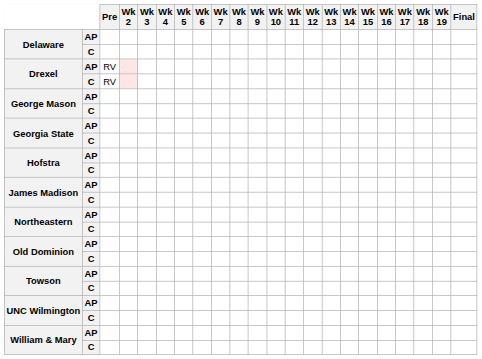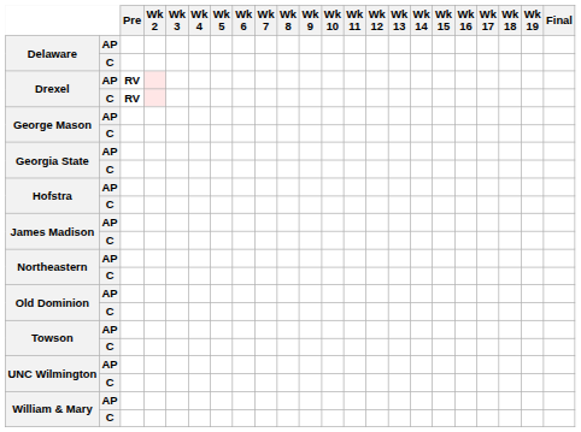 <table class="wikitable" style="white-space:nowrap;font-size:90%;">
 <tr>
 <th colspan=2 style="background:white; border-top-style:hidden; border-left-style:hidden;"> </th>
 <th>Pre</th>
 <th>Wk<br>2</th>
 <th>Wk<br>3</th>
 <th>Wk<br>4</th>
 <th>Wk<br>5</th>
 <th>Wk<br>6</th>
 <th>Wk<br>7</th>
 <th>Wk<br>8</th>
 <th>Wk<br>9</th>
 <th>Wk<br>10</th>
 <th>Wk<br>11</th>
 <th>Wk<br>12</th>
 <th>Wk<br>13</th>
 <th>Wk<br>14</th>
 <th>Wk<br>15</th>
 <th>Wk<br>16</th>
 <th>Wk<br>17</th>
 <th>Wk<br>18</th>
 <th>Wk<br>19</th>
 <th>Final</th>
 </tr>
 <tr style="text-align:center;">
 <th rowspan=2 style=>Delaware</th>
 <th>AP</th>
 <td style="background:#FFF;"></td>
 <td style="background:#FFF;"></td>
 <td style="background:#FFF;"></td>
 <td style="background:#FFF;"></td>
 <td style="background:#FFF;"></td>
 <td style="background:#FFF;"></td>
 <td style="background:#FFF;"></td>
 <td style="background:#FFF;"></td>
 <td style="background:#FFF;"></td>
 <td style="background:#FFF;"></td>
 <td style="background:#FFF;"></td>
 <td style="background:#FFF;"></td>
 <td style="background:#FFF;"></td>
 <td style="background:#FFF;"></td>
 <td style="background:#FFF;"></td>
 <td style="background:#FFF;"></td>
 <td style="background:#FFF;"></td>
 <td style="background:#FFF;"></td>
 <td style="background:#FFF;"></td>
 <td style="background:#FFF;"></td>
 </tr>
 <tr style="text-align:center;">
 <th>C</th>
 <td style="background:#FFF;"></td>
 <td style="background:#FFF;"></td>
 <td style="background:#FFF;"></td>
 <td style="background:#FFF;"></td>
 <td style="background:#FFF;"></td>
 <td style="background:#FFF;"></td>
 <td style="background:#FFF;"></td>
 <td style="background:#FFF;"></td>
 <td style="background:#FFF;"></td>
 <td style="background:#FFF;"></td>
 <td style="background:#FFF;"></td>
 <td style="background:#FFF;"></td>
 <td style="background:#FFF;"></td>
 <td style="background:#FFF;"></td>
 <td style="background:#FFF;"></td>
 <td style="background:#FFF;"></td>
 <td style="background:#FFF;"></td>
 <td style="background:#FFF;"></td>
 <td style="background:#FFF;"></td>
 <td style="background:#FFF;"></td>
 </tr>
 <tr style="text-align:center;">
 <th rowspan=2 style=>Drexel</th>
 <th>AP</th>
-<td style="background:#FFF;">RV</td>
+<td style="background:#FFF;"><strong>RV</strong></td>
 <td style="background:#FFE6E6;"></td>
 <td style="background:#FFF;"></td>
 <td style="background:#FFF;"></td>
 <td style="background:#FFF;"></td>
 <td style="background:#FFF;"></td>
 <td style="background:#FFF;"></td>
 <td style="background:#FFF;"></td>
 <td style="background:#FFF;"></td>
 <td style="background:#FFF;"></td>
 <td style="background:#FFF;"></td>
 <td style="background:#FFF;"></td>
 <td style="background:#FFF;"></td>
 <td style="background:#FFF;"></td>
 <td style="background:#FFF;"></td>
 <td style="background:#FFF;"></td>
 <td style="background:#FFF;"></td>
 <td style="background:#FFF;"></td>
 <td style="background:#FFF;"></td>
 <td style="background:#FFF;"></td>
 </tr>
 <tr style="text-align:center;">
 <th>C</th>
-<td style="background:#FFF;">RV</td>
+<td style="background:#FFF;"><strong>RV</strong></td>
 <td style="background:#FFE6E6;"></td>
 <td style="background:#FFF;"></td>
 <td style="background:#FFF;"></td>
 <td style="background:#FFF;"></td>
 <td style="background:#FFF;"></td>
 <td style="background:#FFF;"></td>
 <td style="background:#FFF;"></td>
 <td style="background:#FFF;"></td>
 <td style="background:#FFF;"></td>
 <td style="background:#FFF;"></td>
 <td style="background:#FFF;"></td>
 <td style="background:#FFF;"></td>
 <td style="background:#FFF;"></td>
 <td style="background:#FFF;"></td>
 <td style="background:#FFF;"></td>
 <td style="background:#FFF;"></td>
 <td style="background:#FFF;"></td>
 <td style="background:#FFF;"></td>
 <td style="background:#FFF;"></td>
 </tr>
 <tr style="text-align:center;">
 <th rowspan=2 style=>George Mason</th>
 <th>AP</th>
 <td style="background:#FFF;"></td>
 <td style="background:#FFF;"></td>
 <td style="background:#FFF;"></td>
 <td style="background:#FFF;"></td>
 <td style="background:#FFF;"></td>
 <td style="background:#FFF;"></td>
 <td style="background:#FFF;"></td>
 <td style="background:#FFF;"></td>
 <td style="background:#FFF;"></td>
 <td style="background:#FFF;"></td>
 <td style="background:#FFF;"></td>
 <td style="background:#FFF;"></td>
 <td style="background:#FFF;"></td>
 <td style="background:#FFF;"></td>
 <td style="background:#FFF;"></td>
 <td style="background:#FFF;"></td>
 <td style="background:#FFF;"></td>
 <td style="background:#FFF;"></td>
 <td style="background:#FFF;"></td>
 <td style="background:#FFF;"></td>
 </tr>
 <tr style="text-align:center;">
 <th>C</th>
 <td style="background:#FFF;"></td>
 <td style="background:#FFF;"></td>
 <td style="background:#FFF;"></td>
 <td style="background:#FFF;"></td>
 <td style="background:#FFF;"></td>
 <td style="background:#FFF;"></td>
 <td style="background:#FFF;"></td>
 <td style="background:#FFF;"></td>
 <td style="background:#FFF;"></td>
 <td style="background:#FFF;"></td>
 <td style="background:#FFF;"></td>
 <td style="background:#FFF;"></td>
 <td style="background:#FFF;"></td>
 <td style="background:#FFF;"></td>
 <td style="background:#FFF;"></td>
 <td style="background:#FFF;"></td>
 <td style="background:#FFF;"></td>
 <td style="background:#FFF;"></td>
 <td style="background:#FFF;"></td>
 <td style="background:#FFF;"></td>
 </tr>
 <tr style="text-align:center;">
 <th rowspan=2 style=>Georgia State</th>
 <th>AP</th>
 <td style="background:#FFF;"></td>
 <td style="background:#FFF;"></td>
 <td style="background:#FFF;"></td>
 <td style="background:#FFF;"></td>
 <td style="background:#FFF;"></td>
 <td style="background:#FFF;"></td>
 <td style="background:#FFF;"></td>
 <td style="background:#FFF;"></td>
 <td style="background:#FFF;"></td>
 <td style="background:#FFF;"></td>
 <td style="background:#FFF;"></td>
 <td style="background:#FFF;"></td>
 <td style="background:#FFF;"></td>
 <td style="background:#FFF;"></td>
 <td style="background:#FFF;"></td>
 <td style="background:#FFF;"></td>
 <td style="background:#FFF;"></td>
 <td style="background:#FFF;"></td>
 <td style="background:#FFF;"></td>
 <td style="background:#FFF;"></td>
 </tr>
 <tr style="text-align:center;">
 <th>C</th>
 <td style="background:#FFF;"></td>
 <td style="background:#FFF;"></td>
 <td style="background:#FFF;"></td>
 <td style="background:#FFF;"></td>
 <td style="background:#FFF;"></td>
 <td style="background:#FFF;"></td>
 <td style="background:#FFF;"></td>
 <td style="background:#FFF;"></td>
 <td style="background:#FFF;"></td>
 <td style="background:#FFF;"></td>
 <td style="background:#FFF;"></td>
 <td style="background:#FFF;"></td>
 <td style="background:#FFF;"></td>
 <td style="background:#FFF;"></td>
 <td style="background:#FFF;"></td>
 <td style="background:#FFF;"></td>
 <td style="background:#FFF;"></td>
 <td style="background:#FFF;"></td>
 <td style="background:#FFF;"></td>
 <td style="background:#FFF;"></td>
 </tr>
 <tr style="text-align:center;">
 <th rowspan=2 style=>Hofstra</th>
 <th>AP</th>
 <td style="background:#FFF;"></td>
 <td style="background:#FFF;"></td>
 <td style="background:#FFF;"></td>
 <td style="background:#FFF;"></td>
 <td style="background:#FFF;"></td>
 <td style="background:#FFF;"></td>
 <td style="background:#FFF;"></td>
 <td style="background:#FFF;"></td>
 <td style="background:#FFF;"></td>
 <td style="background:#FFF;"></td>
 <td style="background:#FFF;"></td>
 <td style="background:#FFF;"></td>
 <td style="background:#FFF;"></td>
 <td style="background:#FFF;"></td>
 <td style="background:#FFF;"></td>
 <td style="background:#FFF;"></td>
 <td style="background:#FFF;"></td>
 <td style="background:#FFF;"></td>
 <td style="background:#FFF;"></td>
 <td style="background:#FFF;"></td>
 </tr>
 <tr style="text-align:center;">
 <th>C</th>
 <td style="background:#FFF;"></td>
 <td style="background:#FFF;"></td>
 <td style="background:#FFF;"></td>
 <td style="background:#FFF;"></td>
 <td style="background:#FFF;"></td>
 <td style="background:#FFF;"></td>
 <td style="background:#FFF;"></td>
 <td style="background:#FFF;"></td>
 <td style="background:#FFF;"></td>
 <td style="background:#FFF;"></td>
 <td style="background:#FFF;"></td>
 <td style="background:#FFF;"></td>
 <td style="background:#FFF;"></td>
 <td style="background:#FFF;"></td>
 <td style="background:#FFF;"></td>
 <td style="background:#FFF;"></td>
 <td style="background:#FFF;"></td>
 <td style="background:#FFF;"></td>
 <td style="background:#FFF;"></td>
 <td style="background:#FFF;"></td>
 </tr>
 <tr style="text-align:center;">
 <th rowspan=2 style=>James Madison</th>
 <th>AP</th>
 <td style="background:#FFF;"></td>
 <td style="background:#FFF;"></td>
 <td style="background:#FFF;"></td>
 <td style="background:#FFF;"></td>
 <td style="background:#FFF;"></td>
 <td style="background:#FFF;"></td>
 <td style="background:#FFF;"></td>
 <td style="background:#FFF;"></td>
 <td style="background:#FFF;"></td>
 <td style="background:#FFF;"></td>
 <td style="background:#FFF;"></td>
 <td style="background:#FFF;"></td>
 <td style="background:#FFF;"></td>
 <td style="background:#FFF;"></td>
 <td style="background:#FFF;"></td>
 <td style="background:#FFF;"></td>
 <td style="background:#FFF;"></td>
 <td style="background:#FFF;"></td>
 <td style="background:#FFF;"></td>
 <td style="background:#FFF;"></td>
 </tr>
 <tr style="text-align:center;">
 <th>C</th>
 <td style="background:#FFF;"></td>
 <td style="background:#FFF;"></td>
 <td style="background:#FFF;"></td>
 <td style="background:#FFF;"></td>
 <td style="background:#FFF;"></td>
 <td style="background:#FFF;"></td>
 <td style="background:#FFF;"></td>
 <td style="background:#FFF;"></td>
 <td style="background:#FFF;"></td>
 <td style="background:#FFF;"></td>
 <td style="background:#FFF;"></td>
 <td style="background:#FFF;"></td>
 <td style="background:#FFF;"></td>
 <td style="background:#FFF;"></td>
 <td style="background:#FFF;"></td>
 <td style="background:#FFF;"></td>
 <td style="background:#FFF;"></td>
 <td style="background:#FFF;"></td>
 <td style="background:#FFF;"></td>
 <td style="background:#FFF;"></td>
 </tr>
 <tr style="text-align:center;">
 <th rowspan=2 style=>Northeastern</th>
 <th>AP</th>
 <td style="background:#FFF;"></td>
 <td style="background:#FFF;"></td>
 <td style="background:#FFF;"></td>
 <td style="background:#FFF;"></td>
 <td style="background:#FFF;"></td>
 <td style="background:#FFF;"></td>
 <td style="background:#FFF;"></td>
 <td style="background:#FFF;"></td>
 <td style="background:#FFF;"></td>
 <td style="background:#FFF;"></td>
 <td style="background:#FFF;"></td>
 <td style="background:#FFF;"></td>
 <td style="background:#FFF;"></td>
 <td style="background:#FFF;"></td>
 <td style="background:#FFF;"></td>
 <td style="background:#FFF;"></td>
 <td style="background:#FFF;"></td>
 <td style="background:#FFF;"></td>
 <td style="background:#FFF;"></td>
 <td style="background:#FFF;"></td>
 </tr>
 <tr style="text-align:center;">
 <th>C</th>
 <td style="background:#FFF;"></td>
 <td style="background:#FFF;"></td>
 <td style="background:#FFF;"></td>
 <td style="background:#FFF;"></td>
 <td style="background:#FFF;"></td>
 <td style="background:#FFF;"></td>
 <td style="background:#FFF;"></td>
 <td style="background:#FFF;"></td>
 <td style="background:#FFF;"></td>
 <td style="background:#FFF;"></td>
 <td style="background:#FFF;"></td>
 <td style="background:#FFF;"></td>
 <td style="background:#FFF;"></td>
 <td style="background:#FFF;"></td>
 <td style="background:#FFF;"></td>
 <td style="background:#FFF;"></td>
 <td style="background:#FFF;"></td>
 <td style="background:#FFF;"></td>
 <td style="background:#FFF;"></td>
 <td style="background:#FFF;"></td>
 </tr>
 <tr style="text-align:center;">
 <th rowspan=2 style=>Old Dominion</th>
 <th>AP</th>
 <td style="background:#FFF;"></td>
 <td style="background:#FFF;"></td>
 <td style="background:#FFF;"></td>
 <td style="background:#FFF;"></td>
 <td style="background:#FFF;"></td>
 <td style="background:#FFF;"></td>
 <td style="background:#FFF;"></td>
 <td style="background:#FFF;"></td>
 <td style="background:#FFF;"></td>
 <td style="background:#FFF;"></td>
 <td style="background:#FFF;"></td>
 <td style="background:#FFF;"></td>
 <td style="background:#FFF;"></td>
 <td style="background:#FFF;"></td>
 <td style="background:#FFF;"></td>
 <td style="background:#FFF;"></td>
 <td style="background:#FFF;"></td>
 <td style="background:#FFF;"></td>
 <td style="background:#FFF;"></td>
 <td style="background:#FFF;"></td>
 </tr>
 <tr style="text-align:center;">
 <th>C</th>
 <td style="background:#FFF;"></td>
 <td style="background:#FFF;"></td>
 <td style="background:#FFF;"></td>
 <td style="background:#FFF;"></td>
 <td style="background:#FFF;"></td>
 <td style="background:#FFF;"></td>
 <td style="background:#FFF;"></td>
 <td style="background:#FFF;"></td>
 <td style="background:#FFF;"></td>
 <td style="background:#FFF;"></td>
 <td style="background:#FFF;"></td>
 <td style="background:#FFF;"></td>
 <td style="background:#FFF;"></td>
 <td style="background:#FFF;"></td>
 <td style="background:#FFF;"></td>
 <td style="background:#FFF;"></td>
 <td style="background:#FFF;"></td>
 <td style="background:#FFF;"></td>
 <td style="background:#FFF;"></td>
 <td style="background:#FFF;"></td>
 </tr>
 <tr style="text-align:center;">
 <th rowspan=2 style=>Towson</th>
 <th>AP</th>
 <td style="background:#FFF;"></td>
 <td style="background:#FFF;"></td>
 <td style="background:#FFF;"></td>
 <td style="background:#FFF;"></td>
 <td style="background:#FFF;"></td>
 <td style="background:#FFF;"></td>
 <td style="background:#FFF;"></td>
 <td style="background:#FFF;"></td>
 <td style="background:#FFF;"></td>
 <td style="background:#FFF;"></td>
 <td style="background:#FFF;"></td>
 <td style="background:#FFF;"></td>
 <td style="background:#FFF;"></td>
 <td style="background:#FFF;"></td>
 <td style="background:#FFF;"></td>
 <td style="background:#FFF;"></td>
 <td style="background:#FFF;"></td>
 <td style="background:#FFF;"></td>
 <td style="background:#FFF;"></td>
 <td style="background:#FFF;"></td>
 </tr>
 <tr style="text-align:center;">
 <th>C</th>
 <td style="background:#FFF;"></td>
 <td style="background:#FFF;"></td>
 <td style="background:#FFF;"></td>
 <td style="background:#FFF;"></td>
 <td style="background:#FFF;"></td>
 <td style="background:#FFF;"></td>
 <td style="background:#FFF;"></td>
 <td style="background:#FFF;"></td>
 <td style="background:#FFF;"></td>
 <td style="background:#FFF;"></td>
 <td style="background:#FFF;"></td>
 <td style="background:#FFF;"></td>
 <td style="background:#FFF;"></td>
 <td style="background:#FFF;"></td>
 <td style="background:#FFF;"></td>
 <td style="background:#FFF;"></td>
 <td style="background:#FFF;"></td>
 <td style="background:#FFF;"></td>
 <td style="background:#FFF;"></td>
 <td style="background:#FFF;"></td>
 </tr>
 <tr style="text-align:center;">
 <th rowspan=2 style=>UNC Wilmington</th>
 <th>AP</th>
 <td style="background:#FFF;"></td>
 <td style="background:#FFF;"></td>
 <td style="background:#FFF;"></td>
 <td style="background:#FFF;"></td>
 <td style="background:#FFF;"></td>
 <td style="background:#FFF;"></td>
 <td style="background:#FFF;"></td>
 <td style="background:#FFF;"></td>
 <td style="background:#FFF;"></td>
 <td style="background:#FFF;"></td>
 <td style="background:#FFF;"></td>
 <td style="background:#FFF;"></td>
 <td style="background:#FFF;"></td>
 <td style="background:#FFF;"></td>
 <td style="background:#FFF;"></td>
 <td style="background:#FFF;"></td>
 <td style="background:#FFF;"></td>
 <td style="background:#FFF;"></td>
 <td style="background:#FFF;"></td>
 <td style="background:#FFF;"></td>
 </tr>
 <tr style="text-align:center;">
 <th>C</th>
 <td style="background:#FFF;"></td>
 <td style="background:#FFF;"></td>
 <td style="background:#FFF;"></td>
 <td style="background:#FFF;"></td>
 <td style="background:#FFF;"></td>
 <td style="background:#FFF;"></td>
 <td style="background:#FFF;"></td>
 <td style="background:#FFF;"></td>
 <td style="background:#FFF;"></td>
 <td style="background:#FFF;"></td>
 <td style="background:#FFF;"></td>
 <td style="background:#FFF;"></td>
 <td style="background:#FFF;"></td>
 <td style="background:#FFF;"></td>
 <td style="background:#FFF;"></td>
 <td style="background:#FFF;"></td>
 <td style="background:#FFF;"></td>
 <td style="background:#FFF;"></td>
 <td style="background:#FFF;"></td>
 <td style="background:#FFF;"></td>
 </tr>
 <tr style="text-align:center;">
 <th rowspan=2 style=>William & Mary</th>
 <th>AP</th>
 <td style="background:#FFF;"></td>
 <td style="background:#FFF;"></td>
 <td style="background:#FFF;"></td>
 <td style="background:#FFF;"></td>
 <td style="background:#FFF;"></td>
 <td style="background:#FFF;"></td>
 <td style="background:#FFF;"></td>
 <td style="background:#FFF;"></td>
 <td style="background:#FFF;"></td>
 <td style="background:#FFF;"></td>
 <td style="background:#FFF;"></td>
 <td style="background:#FFF;"></td>
 <td style="background:#FFF;"></td>
 <td style="background:#FFF;"></td>
 <td style="background:#FFF;"></td>
 <td style="background:#FFF;"></td>
 <td style="background:#FFF;"></td>
 <td style="background:#FFF;"></td>
 <td style="background:#FFF;"></td>
 <td style="background:#FFF;"></td>
 </tr>
 <tr style="text-align:center;">
 <th>C</th>
 <td style="background:#FFF;"></td>
 <td style="background:#FFF;"></td>
 <td style="background:#FFF;"></td>
 <td style="background:#FFF;"></td>
 <td style="background:#FFF;"></td>
 <td style="background:#FFF;"></td>
 <td style="background:#FFF;"></td>
 <td style="background:#FFF;"></td>
 <td style="background:#FFF;"></td>
 <td style="background:#FFF;"></td>
 <td style="background:#FFF;"></td>
 <td style="background:#FFF;"></td>
 <td style="background:#FFF;"></td>
 <td style="background:#FFF;"></td>
 <td style="background:#FFF;"></td>
 <td style="background:#FFF;"></td>
 <td style="background:#FFF;"></td>
 <td style="background:#FFF;"></td>
 <td style="background:#FFF;"></td>
 <td style="background:#FFF;"></td>
 </tr>
 </table>
